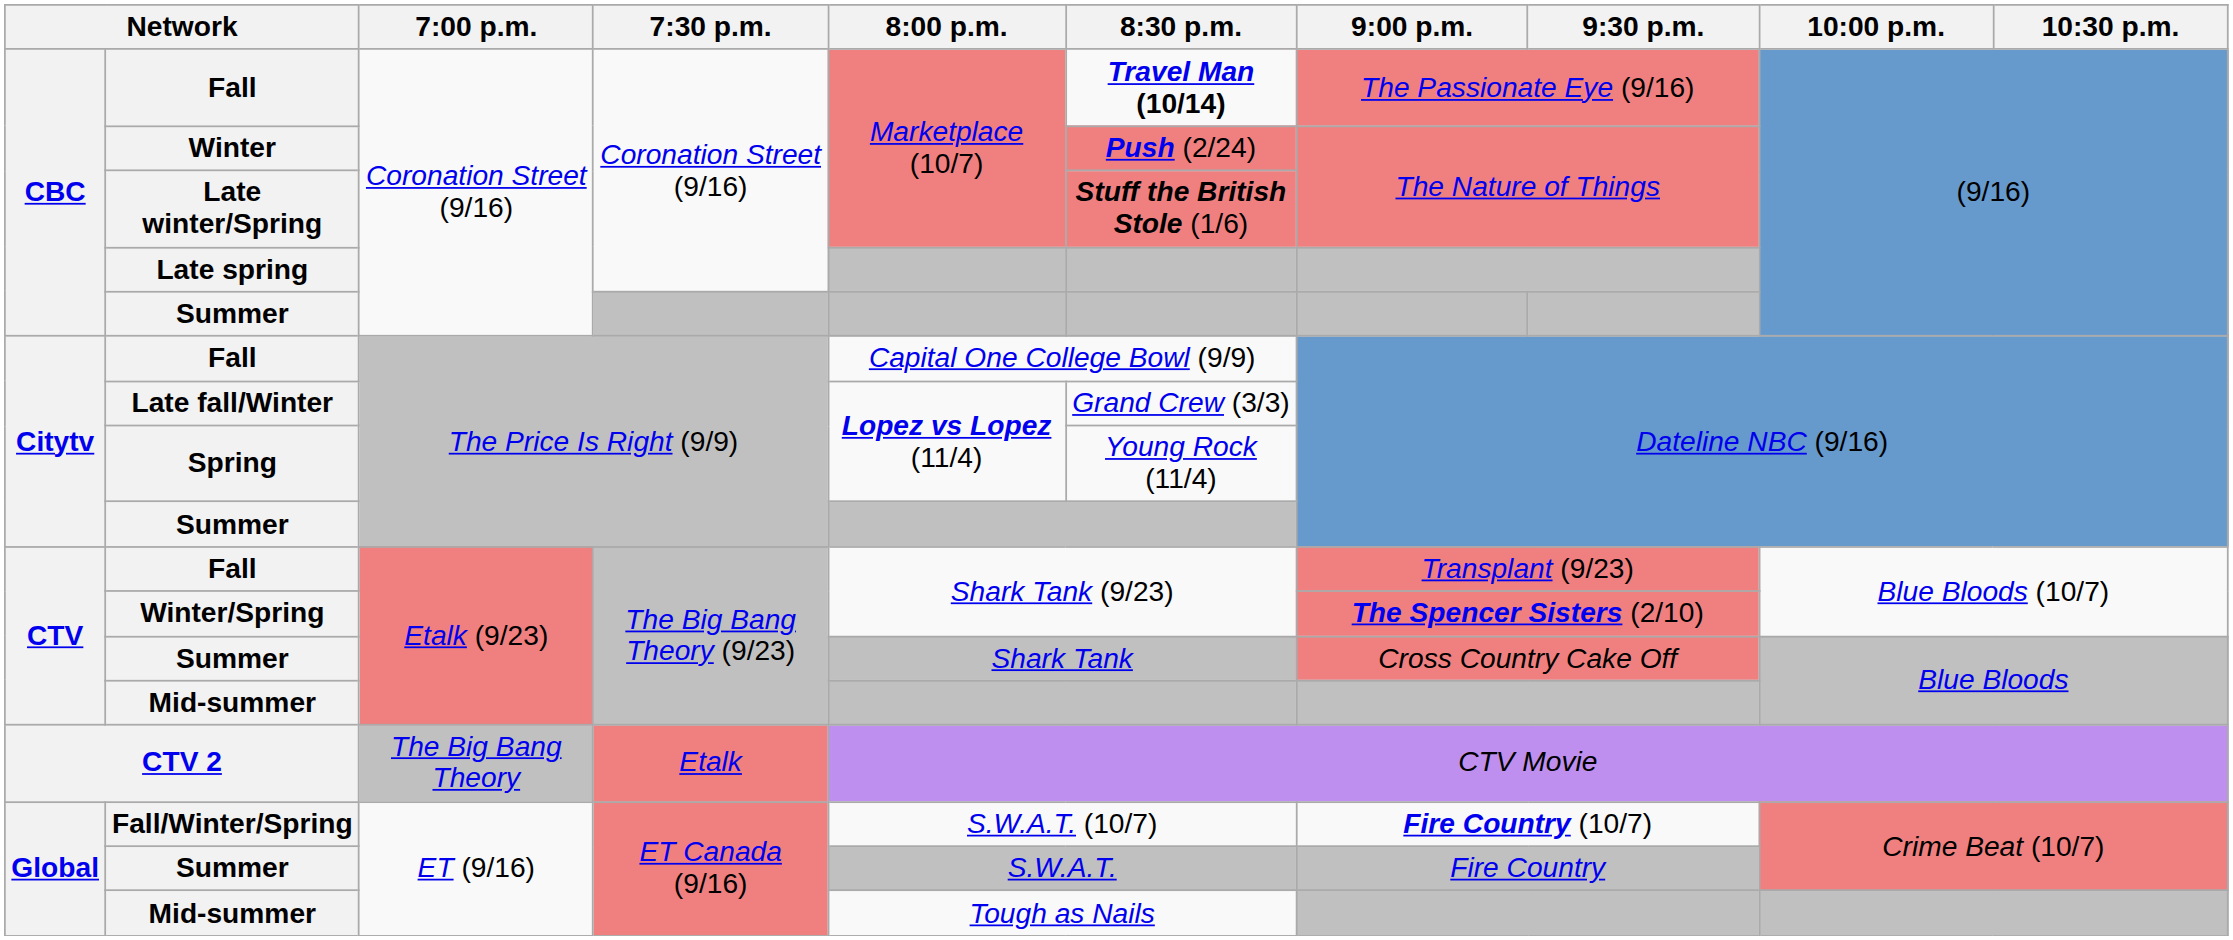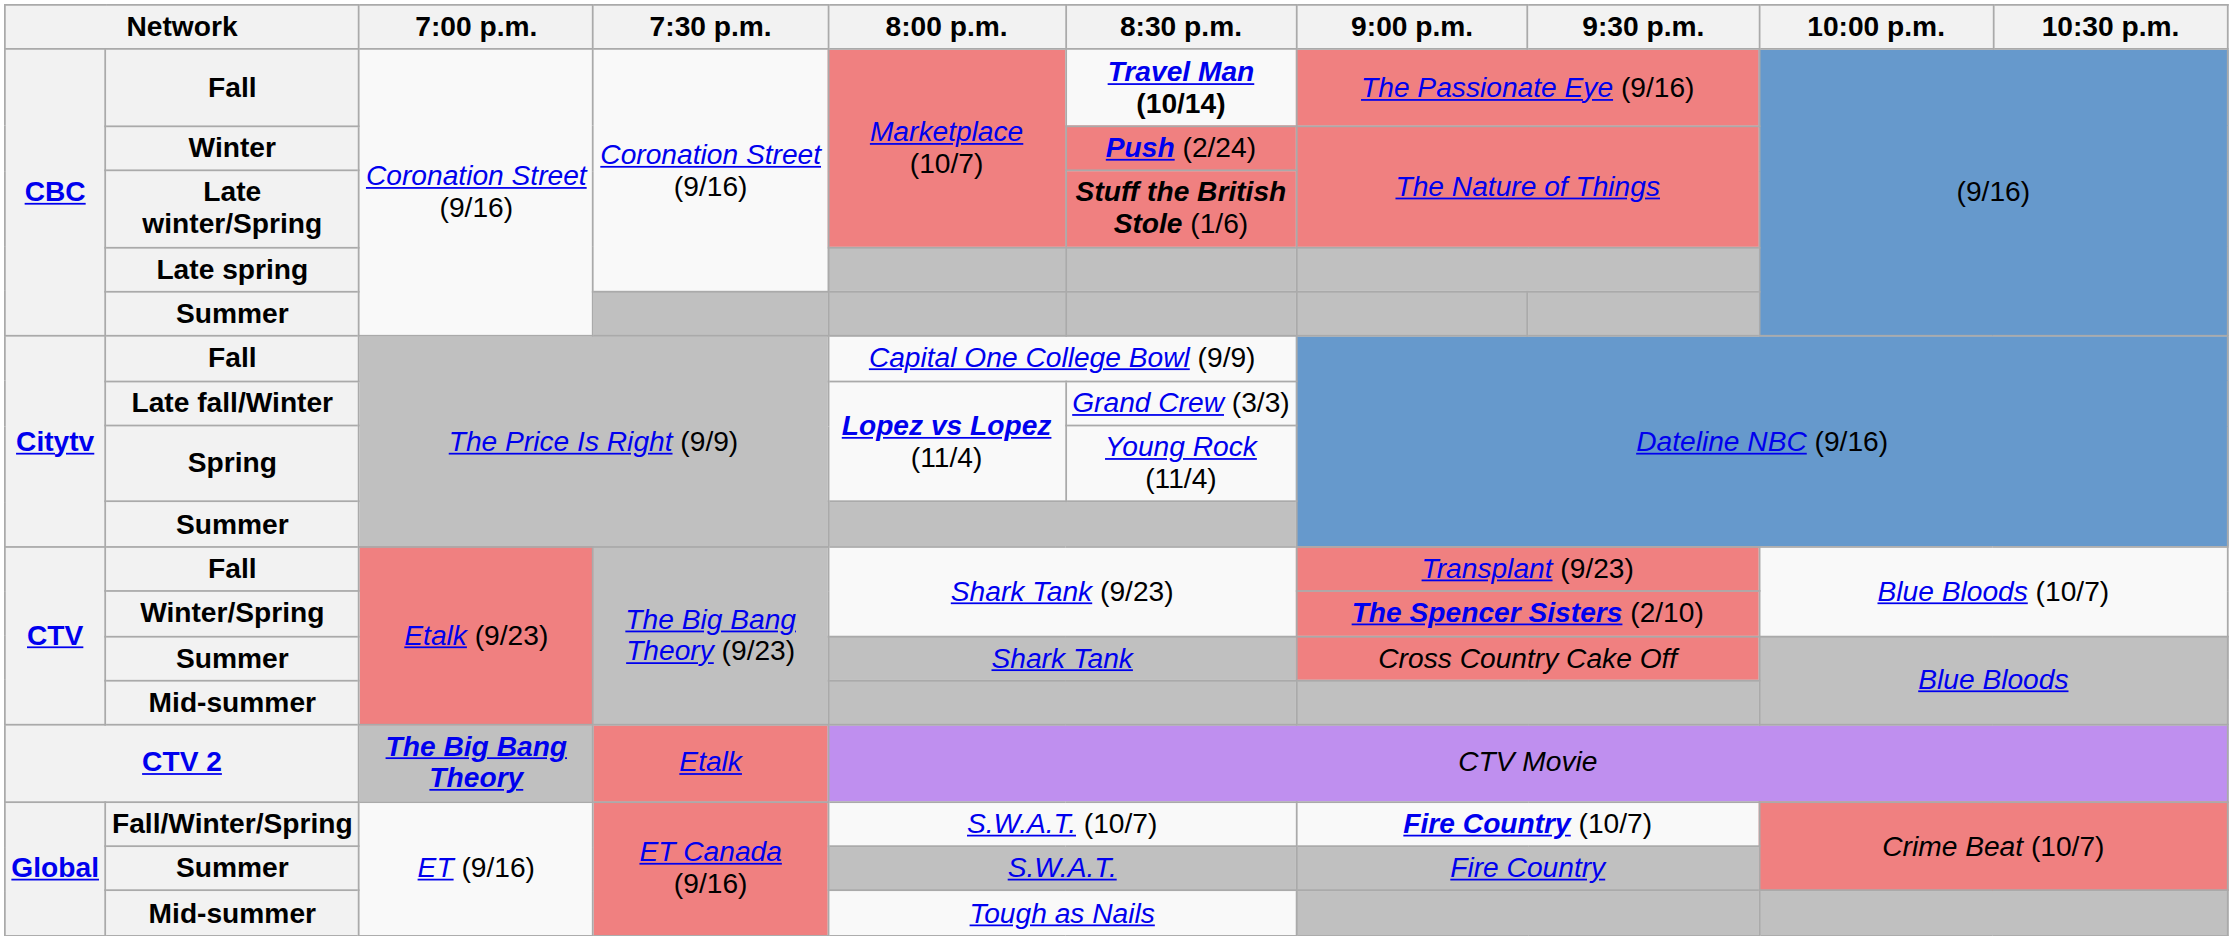 <table class=wikitable style=width:100%;margin-right:0;text-align:center>
 <tr>
 <th style=width:8% colspan=2>Network</th>
 <th style=width:11.5%>7:00 p.m.</th>
 <th style=width:11.5%>7:30 p.m.</th>
 <th style=width:11.5%>8:00 p.m.</th>
 <th style=width:11.5%>8:30 p.m.</th>
 <th style=width:11.5%>9:00 p.m.</th>
 <th style=width:11.5%>9:30 p.m.</th>
 <th style=width:11.5%>10:00 p.m.</th>
 <th style=width:11.5%>10:30 p.m.</th>
 </tr>
 <tr>
 <th rowspan=5><a href='#'>CBC</a></th>
 <th>Fall</th>
 <td rowspan=5><em><a href='#'>Coronation Street</a></em> (9/16)</td>
 <td rowspan=4><em><a href='#'>Coronation Street</a></em> (9/16)</td>
 <td style=background:#F08080 rowspan=3><em><a href='#'>Marketplace</a></em> (10/7)</td>
 <td><strong><em><a href='#'>Travel Man</a></em> (10/14)</strong></td>
 <td style=background:#F08080 colspan=2><em><a href='#'>The Passionate Eye</a></em> (9/16)</td>
 <td colspan=2 style=background:#6699CC rowspan=5> (9/16)</td>
 </tr>
 <tr>
 <th>Winter</th>
 <td style=background:#F08080><strong><em><a href='#'>Push</a></em></strong> (2/24)</td>
 <td style=background:#F08080 colspan=2 rowspan=2><em><a href='#'>The Nature of Things</a></em></td>
 </tr>
 <tr>
 <th>Late winter/Spring</th>
 <td style=background:#F08080><strong><em>Stuff the British Stole</em></strong> (1/6)</td>
 </tr>
 <tr>
 <th>Late spring</th>
 <td style=background:#C0C0C0> </td>
 <td style=background:#C0C0C0> </td>
 <td style=background:#C0C0C0 colspan=2> </td>
 </tr>
 <tr>
 <th>Summer</th>
 <td style=background:#C0C0C0> </td>
 <td style=background:#C0C0C0> </td>
 <td style=background:#C0C0C0> </td>
 <td style=background:#C0C0C0> </td>
 <td style=background:#C0C0C0> </td>
 </tr>
 <tr>
 <th rowspan=4><a href='#'>Citytv</a></th>
 <th>Fall</th>
 <td rowspan=4 colspan=2 style=background:#C0C0C0><em><a href='#'>The Price Is Right</a></em>  (9/9)</td>
 <td colspan=2><em><a href='#'>Capital One College Bowl</a></em> (9/9)</td>
 <td rowspan=4 colspan=4 style=background:#6699CC><em><a href='#'>Dateline NBC</a></em> (9/16)</td>
 </tr>
 <tr>
 <th>Late fall/Winter</th>
 <td rowspan=2><strong><em><a href='#'>Lopez vs Lopez</a></em></strong> (11/4)</td>
 <td><em><a href='#'>Grand Crew</a></em> (3/3)</td>
 </tr>
 <tr>
 <th>Spring</th>
 <td><em><a href='#'>Young Rock</a></em> (11/4)</td>
 </tr>
 <tr>
 <th>Summer</th>
 <td colspan=2 style=background:#C0C0C0> </td>
 </tr>
 <tr>
 <th rowspan=4><a href='#'>CTV</a></th>
 <th>Fall</th>
 <td style=background:#F08080 rowspan=4><em><a href='#'>Etalk</a></em> (9/23)</td>
 <td style=background:#C0C0C0 rowspan=4><em><a href='#'>The Big Bang Theory</a></em>  (9/23)</td>
 <td colspan=2 rowspan=2><em><a href='#'>Shark Tank</a></em> (9/23)</td>
 <td colspan=2 style=background:#F08080><em><a href='#'>Transplant</a></em> (9/23)</td>
 <td colspan=2 rowspan=2><em><a href='#'>Blue Bloods</a></em> (10/7)</td>
 </tr>
 <tr>
 <th>Winter/Spring</th>
 <td colspan=2 style=background:#F08080><strong><em><a href='#'>The Spencer Sisters</a></em></strong> (2/10)</td>
 </tr>
 <tr>
 <th>Summer</th>
 <td style=background:#C0C0C0 colspan=2><em><a href='#'>Shark Tank</a></em> </td>
 <td style=background:#F08080 colspan=2><em>Cross Country Cake Off</em></td>
 <td style=background:#C0C0C0 colspan=2 rowspan=2><em><a href='#'>Blue Bloods</a></em> </td>
 </tr>
 <tr>
 <th>Mid-summer</th>
 <td colspan=2 style=background:#C0C0C0> </td>
 <td colspan=2 style=background:#C0C0C0> </td>
 </tr>
 <tr>
 <th colspan=2><a href='#'>CTV 2</a></th>
-<td style=background:#C0C0C0><em><a href='#'>The Big Bang Theory</a></em> </td>
+<td style=background:#C0C0C0><strong><em><a href='#'>The Big Bang Theory</a></em> </strong></td>
 <td style=background:#F08080><em><a href='#'>Etalk</a></em></td>
 <td style=background:#BF8FEF colspan=6><em>CTV Movie</em></td>
 </tr>
 <tr>
 <th rowspan=3><a href='#'>Global</a></th>
 <th>Fall/Winter/Spring</th>
 <td rowspan=3><em><a href='#'>ET</a></em> (9/16)</td>
 <td style=background:#f08080 rowspan=3><em><a href='#'>ET Canada</a></em> (9/16)</td>
 <td colspan=2><em><a href='#'>S.W.A.T.</a></em>  (10/7)</td>
 <td colspan=2><strong><em><a href='#'>Fire Country</a></em></strong> (10/7)</td>
 <td style=background:#f08080 colspan=2 rowspan=2><em>Crime Beat</em> (10/7)</td>
 </tr>
 <tr>
 <th>Summer</th>
 <td colspan=2 style=background:#C0C0C0><em><a href='#'>S.W.A.T.</a></em> </td>
 <td colspan=2 style=background:#C0C0C0><em><a href='#'>Fire Country</a></em> </td>
 </tr>
 <tr>
 <th>Mid-summer</th>
 <td colspan=2><em><a href='#'>Tough as Nails</a></em></td>
 <td style=background:#C0C0C0 colspan=2> </td>
 <td style=background:#C0C0C0 colspan=2> </td>
 </tr>
 </table>
